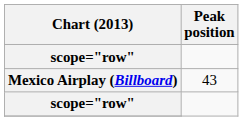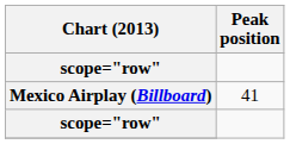 <table class="wikitable sortable plainrowheaders">
 <tr>
 <th>Chart (2013)</th>
 <th>Peak<br>position</th>
 </tr>
 <tr>
 <th>scope="row" </th>
 </tr>
 <tr>
 <th scope="row">Mexico Airplay (<em><a href='#'>Billboard</a></em>)</th>
-<td style="text-align:center;">43</td>
+<td style="text-align:center;">41</td>
 </tr>
 <tr>
 <th>scope="row" </th>
 </tr>
 <tr>
 </tr>
 </table>
